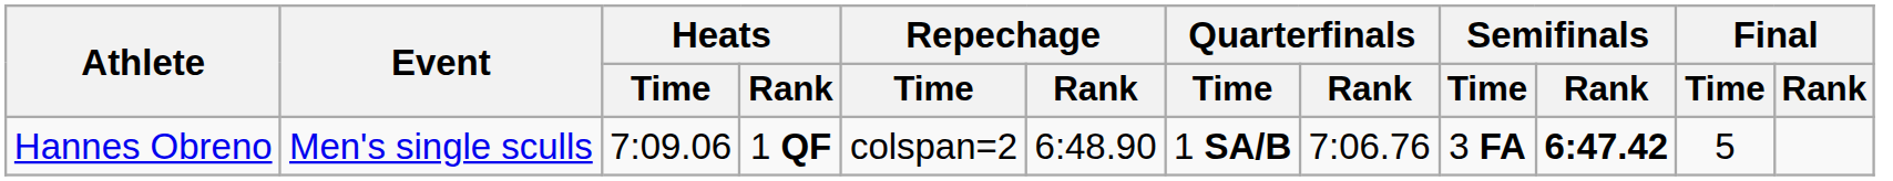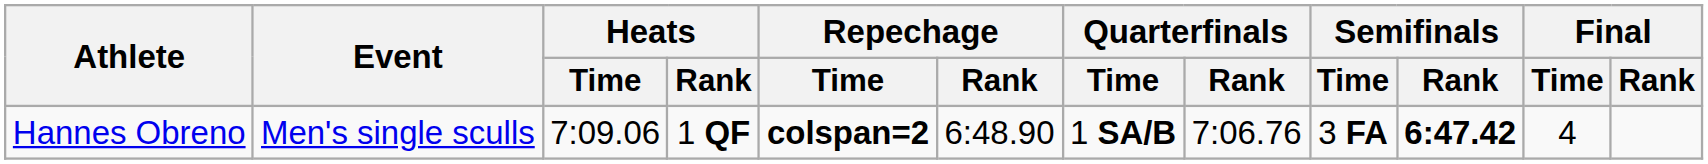 <table class="wikitable" style="font-size:90%">
 <tr>
 <th rowspan=2>Athlete</th>
 <th rowspan=2>Event</th>
 <th colspan="2">Heats</th>
 <th colspan="2">Repechage</th>
 <th colspan=2>Quarterfinals</th>
 <th colspan="2">Semifinals</th>
 <th colspan="2">Final</th>
 </tr>
 <tr style="font-size:95%">
 <th>Time</th>
 <th>Rank</th>
 <th>Time</th>
 <th>Rank</th>
 <th>Time</th>
 <th>Rank</th>
 <th>Time</th>
 <th>Rank</th>
 <th>Time</th>
 <th>Rank</th>
 </tr>
 <tr align=center>
 <td align=left><a href='#'>Hannes Obreno</a></td>
 <td align=left><a href='#'>Men's single sculls</a></td>
 <td>7:09.06</td>
 <td>1  <strong>QF</strong></td>
-<td>colspan=2 </td>
+<td><strong>colspan=2 </strong></td>
 <td>6:48.90</td>
 <td>1 <strong>SA/B</strong></td>
 <td>7:06.76</td>
 <td>3 <strong>FA</strong></td>
 <td><strong>6:47.42</strong></td>
-<td>5</td>
+<td>4</td>
 </tr>
 </table>
